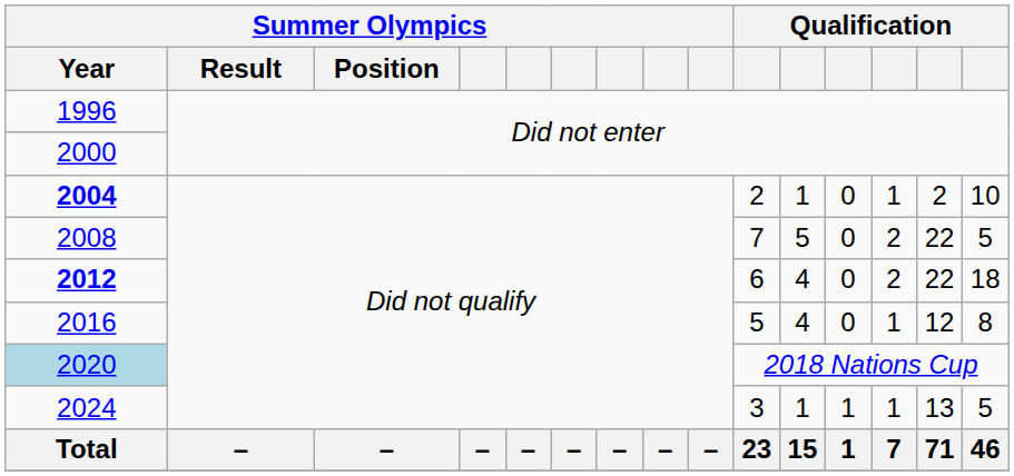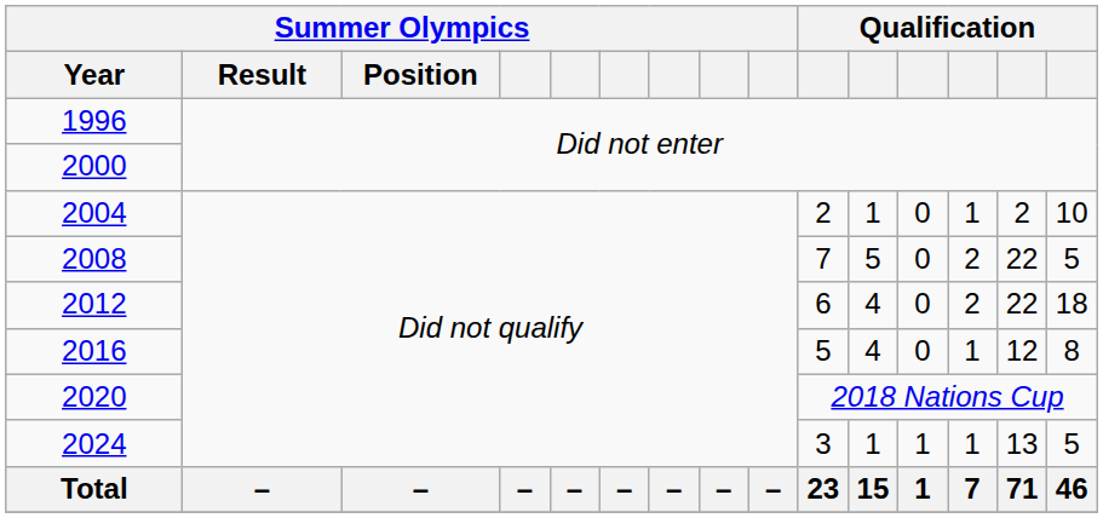 <table class="wikitable" style="text-align:center;">
 <tr>
 <th colspan="9"><a href='#'>Summer Olympics</a></th>
 <th colspan="6">Qualification</th>
 </tr>
 <tr>
 <th style="width:90px;">Year</th>
 <th style="width:80px;">Result</th>
 <th style="width:80px;">Position</th>
 <th style="width:20px;"></th>
 <th style="width:20px;"></th>
 <th style="width:20px;"></th>
 <th style="width:20px;"></th>
 <th style="width:20px;"></th>
 <th style="width:20px;"></th>
 <th style="width:20px;"></th>
 <th style="width:20px;"></th>
 <th style="width:20px;"></th>
 <th style="width:20px;"></th>
 <th style="width:20px;"></th>
 <th style="width:20px;"></th>
 </tr>
 <tr>
 <td> <a href='#'>1996</a></td>
 <td rowspan="2" colspan="14"><em>Did not enter</em></td>
 </tr>
 <tr>
 <td> <a href='#'>2000</a></td>
 </tr>
 <tr>
-<td><strong> <a href='#'>2004</a></strong></td>
+<td> <a href='#'>2004</a></td>
 <td rowspan="6" colspan="8"><em>Did not qualify</em></td>
 <td>2</td>
 <td>1</td>
 <td>0</td>
 <td>1</td>
 <td>2</td>
 <td>10</td>
 </tr>
 <tr>
 <td> <a href='#'>2008</a></td>
 <td>7</td>
 <td>5</td>
 <td>0</td>
 <td>2</td>
 <td>22</td>
 <td>5</td>
 </tr>
 <tr>
-<td><strong> <a href='#'>2012</a></strong></td>
+<td> <a href='#'>2012</a></td>
 <td>6</td>
 <td>4</td>
 <td>0</td>
 <td>2</td>
 <td>22</td>
 <td>18</td>
 </tr>
 <tr>
 <td> <a href='#'>2016</a></td>
 <td>5</td>
 <td>4</td>
 <td>0</td>
 <td>1</td>
 <td>12</td>
 <td>8</td>
 </tr>
 <tr>
-<td style="background: lightblue;"> <a href='#'>2020</a></td>
+<td> <a href='#'>2020</a></td>
 <td colspan=6><a href='#'><em>2018 Nations Cup</em></a></td>
 </tr>
 <tr>
 <td> <a href='#'>2024</a></td>
 <td>3</td>
 <td>1</td>
 <td>1</td>
 <td>1</td>
 <td>13</td>
 <td>5</td>
 </tr>
 <tr>
 <th>Total</th>
 <th>–</th>
 <th>–</th>
 <th>–</th>
 <th>–</th>
 <th>–</th>
 <th>–</th>
 <th>–</th>
 <th>–</th>
 <th>23</th>
 <th>15</th>
 <th>1</th>
 <th>7</th>
 <th>71</th>
 <th>46</th>
 </tr>
 <tr>
 </tr>
 </table>
